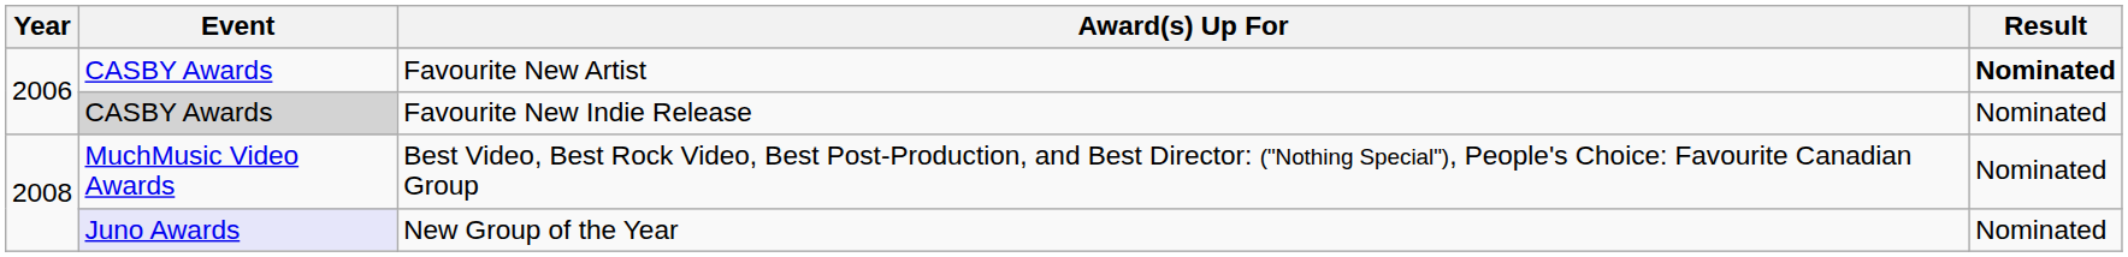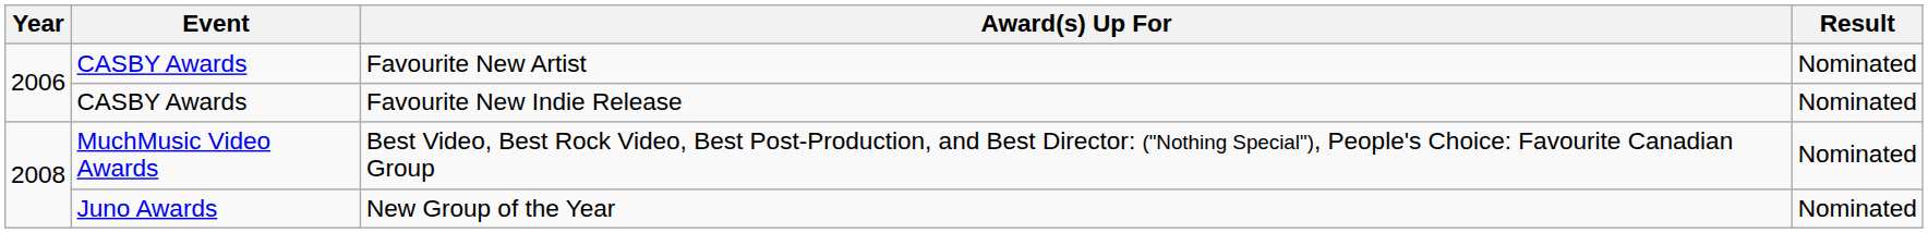 <table class="wikitable">
 <tr>
 <th width="35"><strong>Year</strong></th>
 <th><strong>Event</strong></th>
 <th><strong>Award(s) Up For</strong></th>
 <th><strong>Result</strong></th>
 </tr>
 <tr>
 <td rowspan="2">2006</td>
 <td><a href='#'>CASBY Awards</a></td>
 <td>Favourite New Artist</td>
-<td><strong>Nominated</strong></td>
+<td>Nominated</td>
 </tr>
 <tr>
-<td style="background: lightgrey;">CASBY Awards</td>
+<td>CASBY Awards</td>
 <td>Favourite New Indie Release</td>
 <td>Nominated</td>
 </tr>
 <tr>
 <td rowspan="2">2008</td>
 <td><a href='#'>MuchMusic Video Awards</a></td>
 <td>Best Video, Best Rock Video, Best Post-Production, and Best Director: <small>("Nothing Special")</small>, People's Choice: Favourite Canadian Group</td>
 <td>Nominated</td>
 </tr>
 <tr>
-<td style="background: lavender;"><a href='#'>Juno Awards</a></td>
+<td><a href='#'>Juno Awards</a></td>
 <td>New Group of the Year</td>
 <td>Nominated</td>
 </tr>
 </table>
